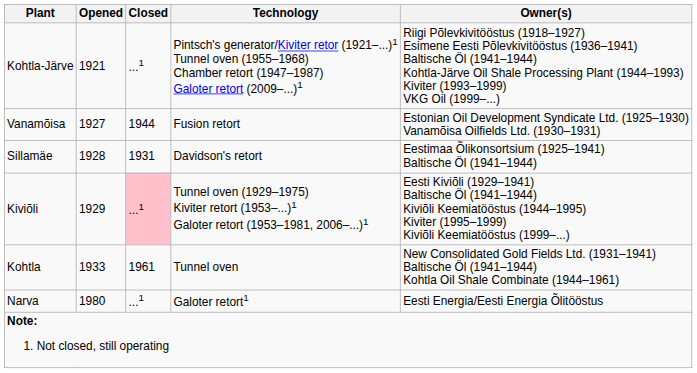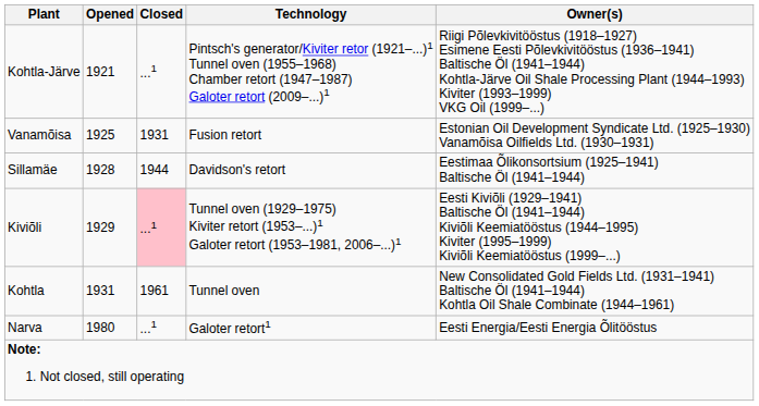 <table class="sortable wikitable">
 <tr>
 <th>Plant</th>
 <th>Opened</th>
 <th>Closed</th>
 <th>Technology</th>
 <th>Owner(s)</th>
 </tr>
 <tr>
 <td>Kohtla-Järve</td>
 <td>1921</td>
 <td>...<sup>1</sup></td>
 <td>Pintsch's generator/<a href='#'>Kiviter retor</a> (1921–...)<sup>1</sup><br>Tunnel oven (1955–1968)<br>Chamber retort (1947–1987)<br><a href='#'>Galoter retort</a> (2009–...)<sup>1</sup></td>
 <td>Riigi Põlevkivitööstus (1918–1927)<br>Esimene Eesti Põlevkivitööstus (1936–1941)<br>Baltische Öl (1941–1944)<br>Kohtla-Järve Oil Shale Processing Plant (1944–1993)<br>Kiviter (1993–1999)<br>VKG Oil (1999–...)</td>
 </tr>
 <tr>
 <td>Vanamõisa</td>
-<td>1927</td>
-<td>1944</td>
+<td>1925</td>
+<td>1931</td>
 <td>Fusion retort</td>
 <td>Estonian Oil Development Syndicate Ltd. (1925–1930)<br>Vanamõisa Oilfields Ltd. (1930–1931)</td>
 </tr>
 <tr>
 <td>Sillamäe</td>
 <td>1928</td>
-<td>1931</td>
+<td>1944</td>
 <td>Davidson's retort</td>
 <td>Eestimaa Õlikonsortsium (1925–1941)<br>Baltische Öl (1941–1944)</td>
 </tr>
 <tr>
 <td>Kiviõli</td>
 <td>1929</td>
 <td style="background: pink;">...<sup>1</sup></td>
 <td>Tunnel oven (1929–1975)<br>Kiviter retort (1953–...)<sup>1</sup><br>Galoter retort (1953–1981, 2006–...)<sup>1</sup></td>
 <td>Eesti Kiviõli (1929–1941)<br>Baltische Öl (1941–1944)<br>Kiviõli Keemiatööstus (1944–1995)<br>Kiviter (1995–1999)<br>Kiviõli Keemiatööstus (1999–...)</td>
 </tr>
 <tr>
 <td>Kohtla</td>
-<td>1933</td>
+<td>1931</td>
 <td>1961</td>
 <td>Tunnel oven</td>
 <td>New Consolidated Gold Fields Ltd. (1931–1941)<br>Baltische Öl (1941–1944)<br>Kohtla Oil Shale Combinate (1944–1961)</td>
 </tr>
 <tr>
 <td>Narva</td>
 <td>1980</td>
 <td>...<sup>1</sup></td>
 <td>Galoter retort<sup>1</sup></td>
 <td>Eesti Energia/Eesti Energia Õlitööstus</td>
 </tr>
 <tr -- class="sortbottom">
 <td colspan=5><strong>Note:</strong><br><ol><li>Not closed, still operating</li></ol></td>
 </tr>
 </table>
